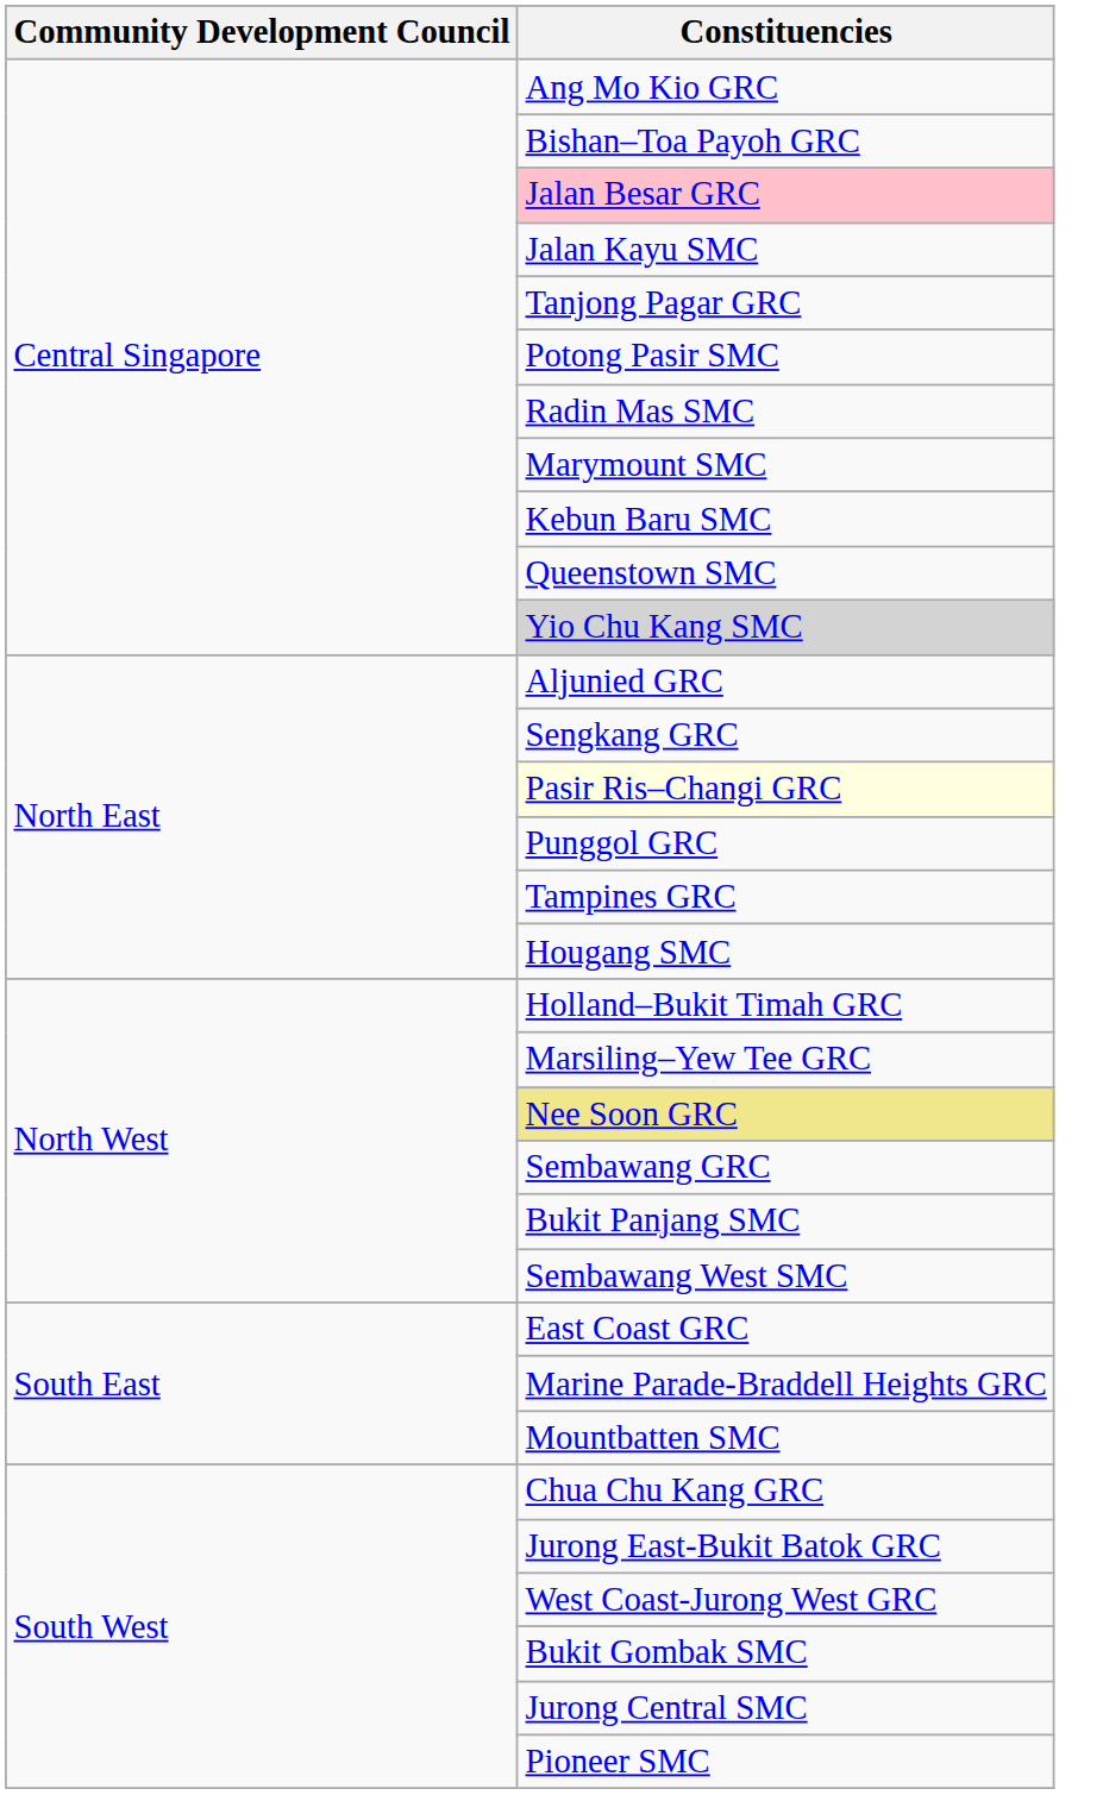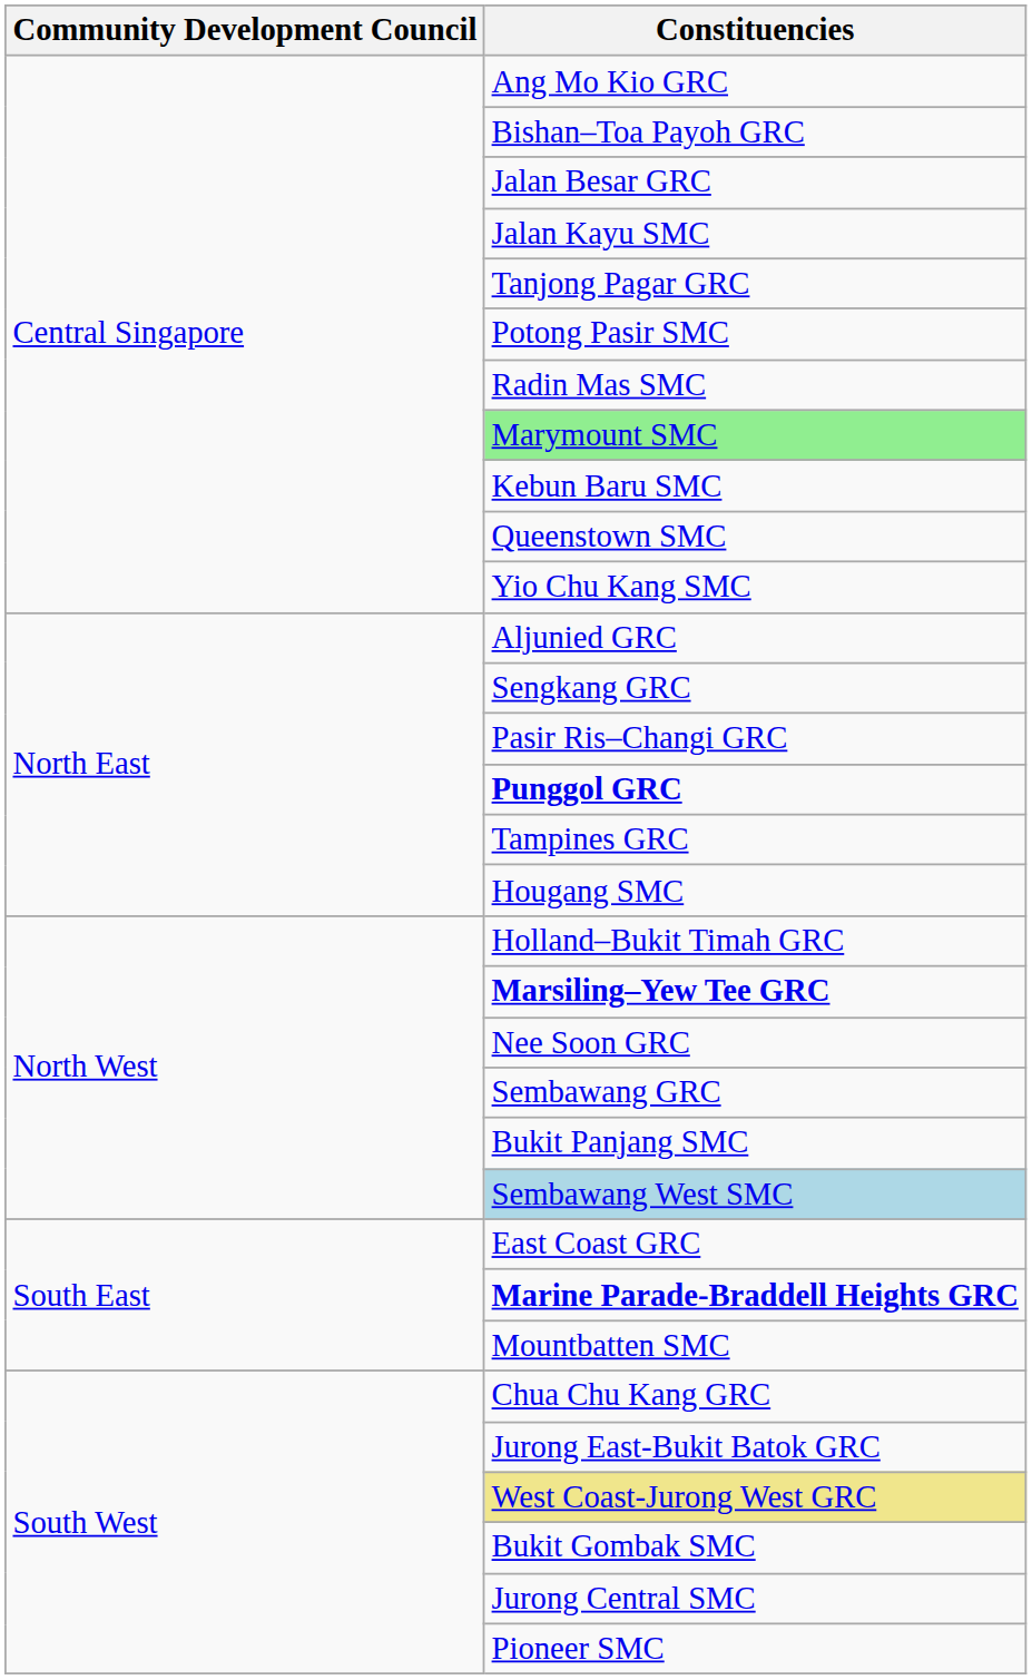 <table class="wikitable">
 <tr>
 <th>Community Development Council</th>
 <th>Constituencies</th>
 </tr>
 <tr>
 <td rowspan="11"><a href='#'>Central Singapore</a></td>
 <td><a href='#'>Ang Mo Kio GRC</a></td>
 </tr>
 <tr>
 <td><a href='#'>Bishan–Toa Payoh GRC</a></td>
 </tr>
 <tr>
-<td style="background: pink;"><a href='#'>Jalan Besar GRC</a></td>
+<td><a href='#'>Jalan Besar GRC</a></td>
 </tr>
 <tr>
 <td><a href='#'>Jalan Kayu SMC</a></td>
 </tr>
 <tr>
 <td><a href='#'>Tanjong Pagar GRC</a></td>
 </tr>
 <tr>
 <td><a href='#'>Potong Pasir SMC</a></td>
 </tr>
 <tr>
 <td><a href='#'>Radin Mas SMC</a></td>
 </tr>
 <tr>
-<td><a href='#'>Marymount SMC</a></td>
+<td style="background: lightgreen;"><a href='#'>Marymount SMC</a></td>
 </tr>
 <tr>
 <td><a href='#'>Kebun Baru SMC</a></td>
 </tr>
 <tr>
 <td><a href='#'>Queenstown SMC</a></td>
 </tr>
 <tr>
-<td style="background: lightgrey;"><a href='#'>Yio Chu Kang SMC</a></td>
+<td><a href='#'>Yio Chu Kang SMC</a></td>
 </tr>
 <tr>
 <td rowspan="6"><a href='#'>North East</a></td>
 <td><a href='#'>Aljunied GRC</a></td>
 </tr>
 <tr>
 <td><a href='#'>Sengkang GRC</a></td>
 </tr>
 <tr>
-<td style="background: lightyellow;"><a href='#'>Pasir Ris–Changi GRC</a></td>
+<td><a href='#'>Pasir Ris–Changi GRC</a></td>
 </tr>
 <tr>
-<td><a href='#'>Punggol GRC</a></td>
+<td><strong><a href='#'>Punggol GRC</a></strong></td>
 </tr>
 <tr>
 <td><a href='#'>Tampines GRC</a></td>
 </tr>
 <tr>
 <td><a href='#'>Hougang SMC</a></td>
 </tr>
 <tr>
 <td rowspan="6"><a href='#'>North West</a></td>
 <td><a href='#'>Holland–Bukit Timah GRC</a></td>
 </tr>
 <tr>
-<td><a href='#'>Marsiling–Yew Tee GRC</a></td>
+<td><strong><a href='#'>Marsiling–Yew Tee GRC</a></strong></td>
 </tr>
 <tr>
-<td style="background: khaki;"><a href='#'>Nee Soon GRC</a></td>
+<td><a href='#'>Nee Soon GRC</a></td>
 </tr>
 <tr>
 <td><a href='#'>Sembawang GRC</a></td>
 </tr>
 <tr>
 <td><a href='#'>Bukit Panjang SMC</a></td>
 </tr>
 <tr>
-<td><a href='#'>Sembawang West SMC</a></td>
+<td style="background: lightblue;"><a href='#'>Sembawang West SMC</a></td>
 </tr>
 <tr>
 <td rowspan="3"><a href='#'>South East</a></td>
 <td><a href='#'>East Coast GRC</a></td>
 </tr>
 <tr>
-<td><a href='#'>Marine Parade-Braddell Heights GRC</a></td>
+<td><strong><a href='#'>Marine Parade-Braddell Heights GRC</a></strong></td>
 </tr>
 <tr>
 <td><a href='#'>Mountbatten SMC</a></td>
 </tr>
 <tr>
 <td rowspan="8"><a href='#'>South West</a></td>
 <td><a href='#'>Chua Chu Kang GRC</a></td>
 </tr>
 <tr>
 <td><a href='#'>Jurong East-Bukit Batok GRC</a></td>
 </tr>
 <tr>
-<td><a href='#'>West Coast-Jurong West GRC</a></td>
+<td style="background: khaki;"><a href='#'>West Coast-Jurong West GRC</a></td>
 </tr>
 <tr>
 <td><a href='#'>Bukit Gombak SMC</a></td>
 </tr>
 <tr>
 <td><a href='#'>Jurong Central SMC</a></td>
 </tr>
 <tr>
 <td><a href='#'>Pioneer SMC</a></td>
 </tr>
 </table>
